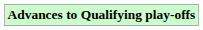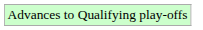 <table class="wikitable">
 <tr>
 </tr>
 <tr width=10px bgcolor=ccffcc>
-<td><strong>Advances to Qualifying play-offs</strong></td>
+<td>Advances to Qualifying play-offs</td>
 </tr>
 <tr>
 </tr>
 </table>
